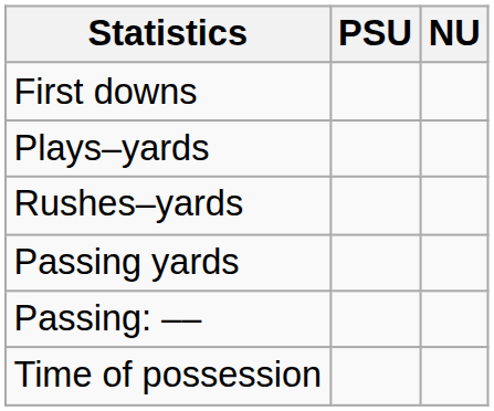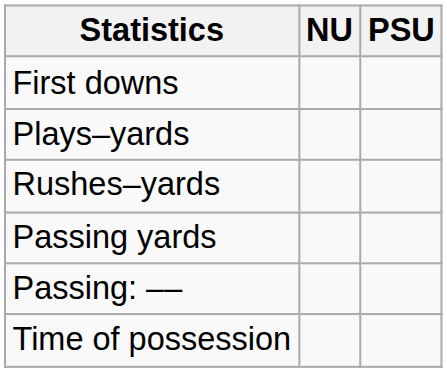 <table class="wikitable" style="float:left">
 <tr>
 <th>Statistics</th>
+<th>NU</th>
 <th>PSU</th>
-<th>NU</th>
 </tr>
 <tr>
 <td>First downs</td>
 <td></td>
 <td></td>
 </tr>
 <tr>
 <td>Plays–yards</td>
 <td></td>
 <td></td>
 </tr>
 <tr>
 <td>Rushes–yards</td>
 <td></td>
 <td></td>
 </tr>
 <tr>
 <td>Passing yards</td>
 <td></td>
 <td></td>
 </tr>
 <tr>
 <td>Passing: ––</td>
 <td></td>
 <td></td>
 </tr>
 <tr>
 <td>Time of possession</td>
 <td></td>
 <td></td>
 </tr>
 </table>
